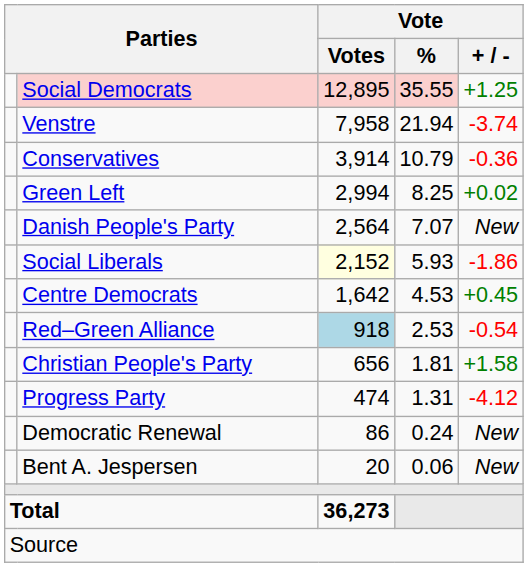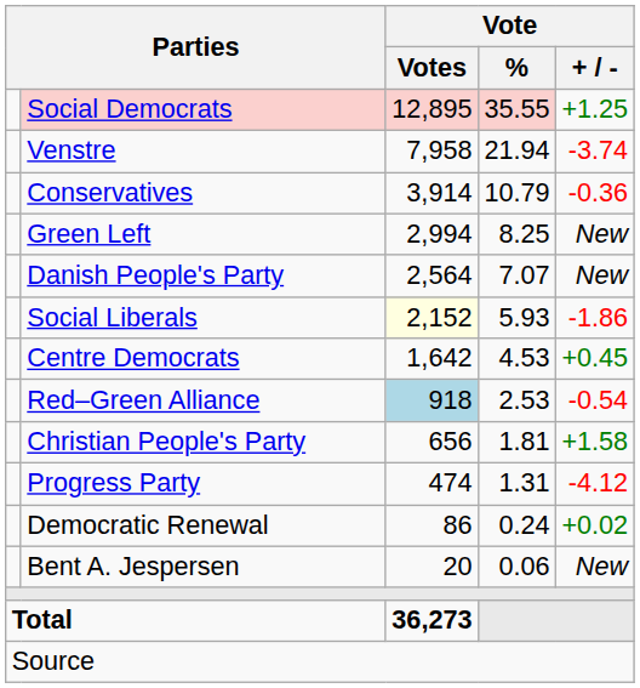 <table class="wikitable" style="text-align:right;">
 <tr>
 <th style="text-align:centre;" rowspan="2" colspan="2" width="225">Parties</th>
 <th colspan="3">Vote</th>
 </tr>
 <tr>
 <th width="15">Votes</th>
 <th width="15">%</th>
 <th width="15">+ / -</th>
 </tr>
 <tr>
 <td width="2" style="color:inherit;background:"></td>
 <td bgcolor=#fbd0ce  align="left"><a href='#'>Social Democrats</a></td>
 <td bgcolor=#fbd0ce>12,895</td>
 <td bgcolor=#fbd0ce>35.55</td>
 <td style=color:green;>+1.25</td>
 </tr>
 <tr>
 <td width="2" style="color:inherit;background:"></td>
 <td align="left"><a href='#'>Venstre</a></td>
 <td>7,958</td>
 <td>21.94</td>
 <td style=color:red;>-3.74</td>
 </tr>
 <tr>
 <td width="2" style="color:inherit;background:"></td>
 <td align="left"><a href='#'>Conservatives</a></td>
 <td>3,914</td>
 <td>10.79</td>
 <td style=color:red;>-0.36</td>
 </tr>
 <tr>
 <td width="2" style="color:inherit;background:"></td>
 <td align="left"><a href='#'>Green Left</a></td>
 <td>2,994</td>
 <td>8.25</td>
-<td style=color:green;>+0.02</td>
+<td><em>New</em></td>
 </tr>
 <tr>
 <td width="2" style="color:inherit;background:"></td>
 <td align="left"><a href='#'>Danish People's Party</a></td>
 <td>2,564</td>
 <td>7.07</td>
 <td><em>New</em></td>
 </tr>
 <tr>
 <td width="2" style="color:inherit;background:"></td>
 <td align="left"><a href='#'>Social Liberals</a></td>
 <td style="background: lightyellow;">2,152</td>
 <td>5.93</td>
 <td style=color:red;>-1.86</td>
 </tr>
 <tr>
 <td width="2" style="color:inherit;background:"></td>
 <td align="left"><a href='#'>Centre Democrats</a></td>
 <td>1,642</td>
 <td>4.53</td>
 <td style=color:green;>+0.45</td>
 </tr>
 <tr>
 <td width="2" style="color:inherit;background:"></td>
 <td align="left"><a href='#'>Red–Green Alliance</a></td>
 <td style="background: lightblue;">918</td>
 <td>2.53</td>
 <td style=color:red;>-0.54</td>
 </tr>
 <tr>
 <td width="2" style="color:inherit;background:"></td>
 <td align="left"><a href='#'>Christian People's Party</a></td>
 <td>656</td>
 <td>1.81</td>
 <td style=color:green;>+1.58</td>
 </tr>
 <tr>
 <td width="2" style="color:inherit;background:"></td>
 <td align="left"><a href='#'>Progress Party</a></td>
 <td>474</td>
 <td>1.31</td>
 <td style=color:red;>-4.12</td>
 </tr>
 <tr>
 <td width="2" style="color:inherit;background:"></td>
 <td align="left">Democratic Renewal</td>
 <td>86</td>
 <td>0.24</td>
-<td><em>New</em></td>
+<td style=color:green;>+0.02</td>
 </tr>
 <tr>
 <td width="2" style="color:inherit;background:"></td>
 <td align="left">Bent A. Jespersen</td>
 <td>20</td>
 <td>0.06</td>
 <td><em>New</em></td>
 </tr>
 <tr>
 <td colspan="7" bgcolor="#E9E9E9"></td>
 </tr>
 <tr>
 <td align="left" colspan="2"><strong>Total</strong></td>
 <td><strong>36,273</strong></td>
 <td bgcolor="#E9E9E9" colspan="2"></td>
 </tr>
 <tr>
 <td align="left" colspan="6">Source</td>
 </tr>
 </table>
